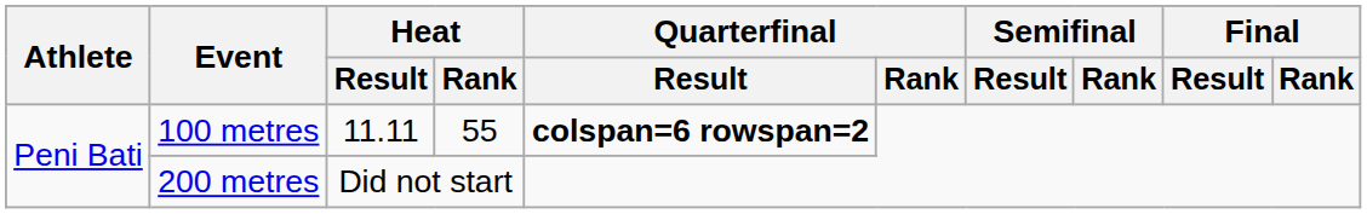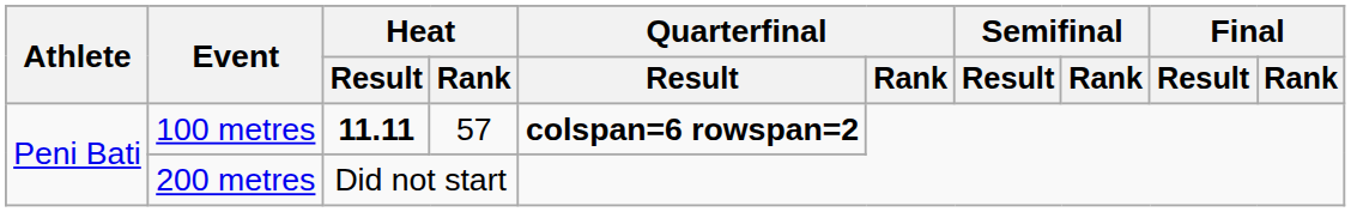 <table class=wikitable style=font-size:90%>
 <tr>
 <th rowspan=2>Athlete</th>
 <th rowspan=2>Event</th>
 <th colspan=2>Heat</th>
 <th colspan=2>Quarterfinal</th>
 <th colspan=2>Semifinal</th>
 <th colspan=2>Final</th>
 </tr>
 <tr style=font-size:95%>
 <th>Result</th>
 <th>Rank</th>
 <th>Result</th>
 <th>Rank</th>
 <th>Result</th>
 <th>Rank</th>
 <th>Result</th>
 <th>Rank</th>
 </tr>
 <tr align=center>
 <td align=left rowspan=2><a href='#'>Peni Bati</a></td>
 <td align=left><a href='#'>100 metres</a></td>
-<td>11.11</td>
-<td>55</td>
+<td><strong>11.11</strong></td>
+<td>57</td>
 <td><strong>colspan=6 rowspan=2 </strong></td>
 </tr>
 <tr align=center>
 <td align=left><a href='#'>200 metres</a></td>
 <td colspan="2">Did not start</td>
 </tr>
 </table>
